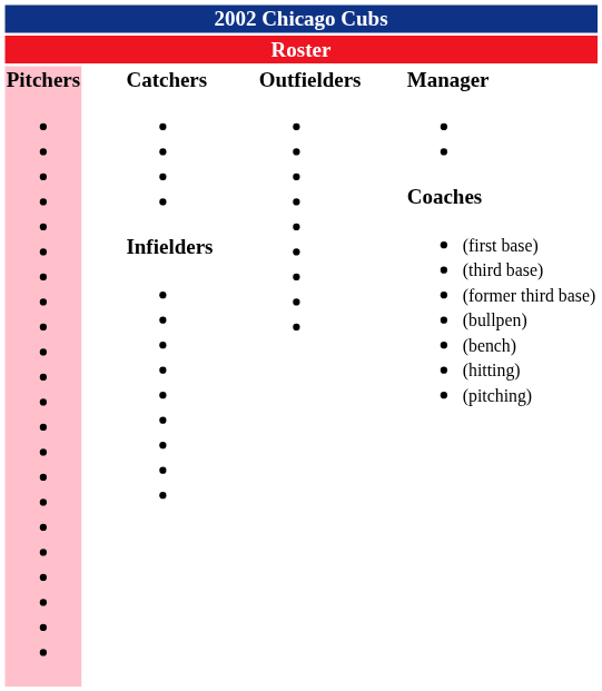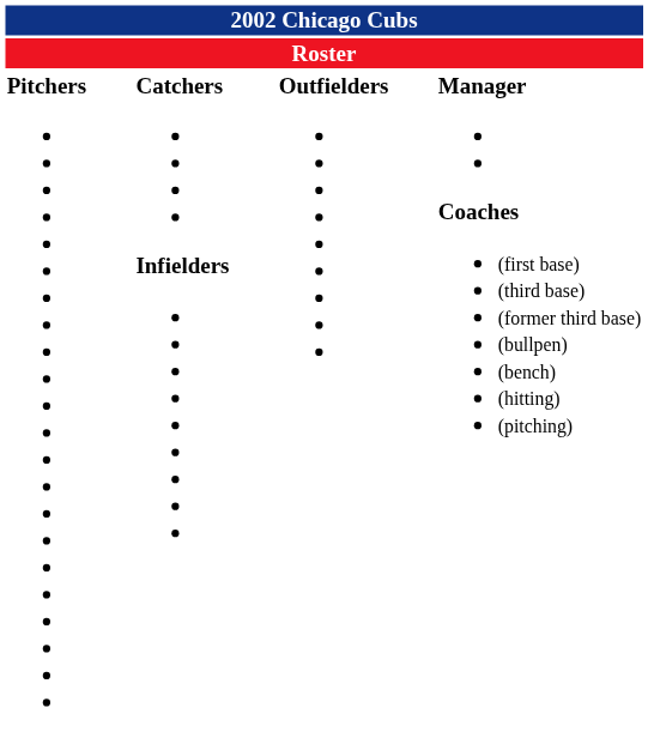 <table class="toccolours" style="font-size: 95%;">
 <tr>
 <th colspan="10" style="background-color: #0e3386; color: white; text-align: center;">2002 Chicago Cubs</th>
 </tr>
 <tr>
 <td colspan="10" style="background-color: #EE1422; color: white; text-align: center;"><strong>Roster</strong></td>
 </tr>
 <tr>
-<td valign="top" style="background: pink;"><strong>Pitchers</strong><br><ul><li></li><li></li><li></li><li></li><li></li><li></li><li></li><li></li><li></li><li></li><li></li><li></li><li></li><li></li><li></li><li></li><li></li><li></li><li></li><li></li><li></li><li></li></ul></td>
+<td valign="top"><strong>Pitchers</strong><br><ul><li></li><li></li><li></li><li></li><li></li><li></li><li></li><li></li><li></li><li></li><li></li><li></li><li></li><li></li><li></li><li></li><li></li><li></li><li></li><li></li><li></li><li></li></ul></td>
 <td width="25"></td>
 <td valign="top"><strong>Catchers</strong><br><ul><li></li><li></li><li></li><li></li></ul><strong>Infielders</strong><ul><li></li><li></li><li></li><li></li><li></li><li></li><li></li><li></li><li></li></ul></td>
 <td width="25"></td>
 <td valign="top"><strong>Outfielders</strong><br><ul><li></li><li></li><li></li><li></li><li></li><li></li><li></li><li></li><li></li></ul></td>
 <td width="25"></td>
 <td valign="top"><strong>Manager</strong><br><ul><li></li><li></li></ul><strong>Coaches</strong><ul><li> <small>(first base)</small></li><li> <small>(third base)</small></li><li> <small>(former third base)</small></li><li> <small>(bullpen)</small></li><li> <small>(bench)</small></li><li> <small>(hitting)</small></li><li> <small>(pitching)</small></li></ul></td>
 </tr>
 </table>
